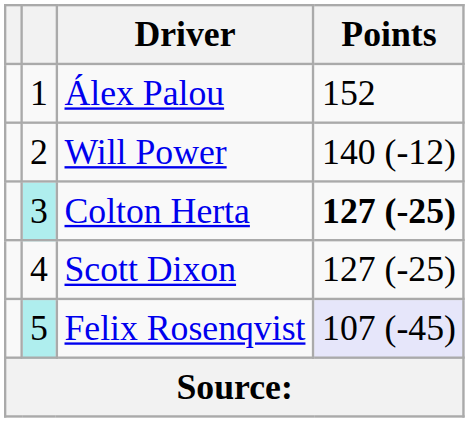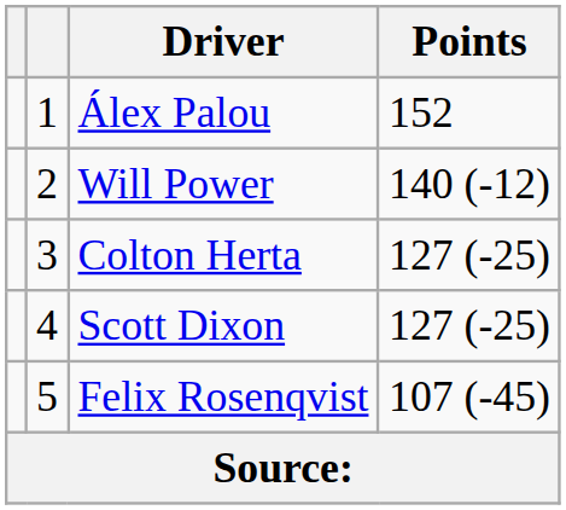 <table class="wikitable" style="font-size: 95%;">
 <tr>
 <th scope="col"></th>
 <th scope="col"></th>
 <th scope="col">Driver</th>
 <th scope="col">Points</th>
 </tr>
 <tr>
 <td align="left"></td>
 <td align="center">1</td>
 <td> <a href='#'>Álex Palou</a></td>
 <td align="left">152</td>
 </tr>
 <tr>
 <td align="left"></td>
 <td align="center">2</td>
 <td> <a href='#'>Will Power</a></td>
 <td align="left">140 (-12)</td>
 </tr>
 <tr>
 <td align="left"></td>
-<td align="center" style="background: paleturquoise;">3</td>
+<td align="center">3</td>
 <td> <a href='#'>Colton Herta</a></td>
-<td align="left"><strong>127 (-25)</strong></td>
+<td align="left">127 (-25)</td>
 </tr>
 <tr>
 <td align="left"></td>
 <td align="center">4</td>
 <td> <a href='#'>Scott Dixon</a></td>
 <td align="left">127 (-25)</td>
 </tr>
 <tr>
 <td align="left"></td>
-<td align="center" style="background: paleturquoise;">5</td>
+<td align="center">5</td>
 <td> <a href='#'>Felix Rosenqvist</a></td>
-<td align="left" style="background: lavender;">107 (-45)</td>
+<td align="left">107 (-45)</td>
 </tr>
 <tr>
 <th colspan=4>Source:</th>
 </tr>
 </table>
